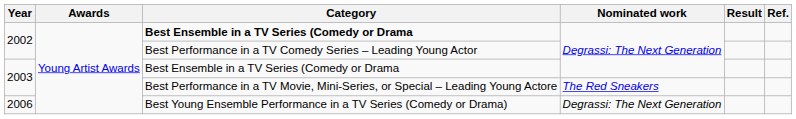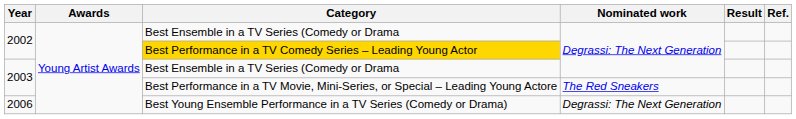 <table class="wikitable">
 <tr>
 <th>Year</th>
 <th>Awards</th>
 <th>Category</th>
 <th>Nominated work</th>
 <th>Result</th>
 <th>Ref.</th>
 </tr>
 <tr>
 <td rowspan="2">2002</td>
 <td rowspan="5"><a href='#'>Young Artist Awards</a></td>
-<td><strong>Best Ensemble in a TV Series (Comedy or Drama</strong></td>
+<td>Best Ensemble in a TV Series (Comedy or Drama</td>
 <td rowspan="3"><em><a href='#'>Degrassi: The Next Generation</a></em></td>
 <td></td>
 <td style="text-align:center;"></td>
 </tr>
 <tr>
-<td>Best Performance in a TV Comedy Series – Leading Young Actor</td>
+<td style="background: gold;">Best Performance in a TV Comedy Series – Leading Young Actor</td>
 <td></td>
 <td style="text-align:center;"></td>
 </tr>
 <tr>
 <td rowspan="2">2003</td>
 <td>Best Ensemble in a TV Series (Comedy or Drama</td>
 <td></td>
 <td style="text-align:center;"></td>
 </tr>
 <tr>
 <td>Best Performance in a TV Movie, Mini-Series, or Special – Leading Young Actore</td>
 <td><em><a href='#'>The Red Sneakers</a></em></td>
 <td></td>
 <td style="text-align:center;"></td>
 </tr>
 <tr>
 <td>2006</td>
 <td>Best Young Ensemble Performance in a TV Series (Comedy or Drama)</td>
 <td><em>Degrassi: The Next Generation</em></td>
 <td></td>
 <td style="text-align:center;"></td>
 </tr>
 </table>
